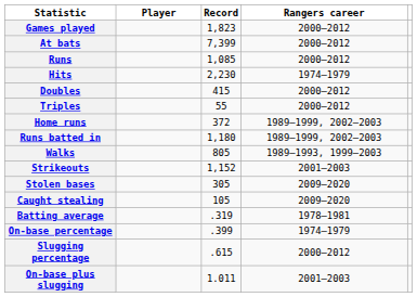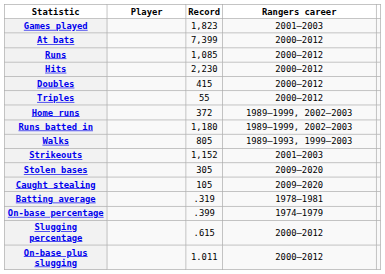 <table class="sortable wikitable plainrowheaders" style="text-align:center">
 <tr>
 <th width="145px" scope="col" style="background-color:#ffffff; border-top:#">Statistic</th>
 <th width="110px" scope="col" style="background-color:#ffffff; border-top:#">Player</th>
 <th class="unsortable" scope="col" style="background-color:#ffffff; border-top:#">Record</th>
 <th width="220px" scope="col" style="background-color:#ffffff; border-top:#">Rangers career</th>
 <th class="unsortable" scope="col" style="background-color:#ffffff; border-top:#"></th>
 </tr>
 <tr>
 <th scope="row" style="text-align:center"><a href='#'>Games played</a></th>
 <td></td>
 <td>1,823</td>
-<td>2000–2012</td>
+<td>2001–2003</td>
 <td></td>
 </tr>
 <tr>
 <th scope="row" style="text-align:center"><a href='#'>At bats</a></th>
 <td></td>
 <td>7,399</td>
 <td>2000–2012</td>
 <td></td>
 </tr>
 <tr>
 <th scope="row" style="text-align:center"><a href='#'>Runs</a></th>
 <td></td>
 <td>1,085</td>
 <td>2000–2012</td>
 <td></td>
 </tr>
 <tr>
 <th scope="row" style="text-align:center"><a href='#'>Hits</a></th>
 <td></td>
 <td>2,230</td>
-<td>1974–1979</td>
+<td>2000–2012</td>
 <td></td>
 </tr>
 <tr>
 <th scope="row" style="text-align:center"><a href='#'>Doubles</a></th>
 <td></td>
 <td>415</td>
 <td>2000–2012</td>
 <td></td>
 </tr>
 <tr>
 <th scope="row" style="text-align:center"><a href='#'>Triples</a></th>
 <td></td>
 <td>55</td>
 <td>2000–2012</td>
 <td></td>
 </tr>
 <tr>
 <th scope="row" style="text-align:center"><a href='#'>Home runs</a></th>
 <td></td>
 <td>372</td>
 <td>1989–1999, 2002–2003</td>
 <td></td>
 </tr>
 <tr>
 <th scope="row" style="text-align:center"><a href='#'>Runs batted in</a></th>
 <td></td>
 <td>1,180</td>
 <td>1989–1999, 2002–2003</td>
 <td></td>
 </tr>
 <tr>
 <th scope="row" style="text-align:center"><a href='#'>Walks</a></th>
 <td></td>
 <td>805</td>
 <td>1989–1993, 1999–2003</td>
 <td></td>
 </tr>
 <tr>
 <th scope="row" style="text-align:center"><a href='#'>Strikeouts</a></th>
 <td></td>
 <td>1,152</td>
 <td>2001–2003</td>
 <td></td>
 </tr>
 <tr>
 <th scope="row" style="text-align:center"><a href='#'>Stolen bases</a></th>
 <td></td>
 <td>305</td>
 <td>2009–2020</td>
 <td></td>
 </tr>
 <tr>
 <th scope="row" style="text-align:center"><a href='#'>Caught stealing</a></th>
 <td></td>
 <td>105</td>
 <td>2009–2020</td>
 <td></td>
 </tr>
 <tr>
 <th scope="row" style="text-align:center"><a href='#'>Batting average</a></th>
 <td></td>
 <td>.319</td>
 <td>1978–1981</td>
 <td></td>
 </tr>
 <tr>
 <th scope="row" style="text-align:center"><a href='#'>On-base percentage</a></th>
 <td></td>
 <td>.399</td>
 <td>1974–1979</td>
 <td></td>
 </tr>
 <tr>
 <th scope="row" style="text-align:center"><a href='#'>Slugging percentage</a></th>
 <td></td>
 <td>.615</td>
 <td>2000–2012</td>
 <td></td>
 </tr>
 <tr>
 <th scope="row" style="text-align:center"><a href='#'>On-base plus slugging</a></th>
 <td></td>
 <td>1.011</td>
-<td>2001–2003</td>
+<td>2000–2012</td>
 <td></td>
 </tr>
 </table>
